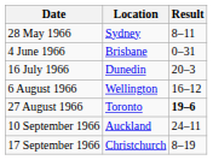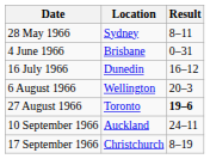 <table class="wikitable" style="align:center;">
 <tr>
 <th>Date</th>
 <th>Location</th>
 <th>Result</th>
 </tr>
 <tr>
 <td>28 May 1966</td>
 <td><a href='#'>Sydney</a></td>
 <td> 8–11 </td>
 </tr>
 <tr>
 <td>4 June 1966</td>
 <td><a href='#'>Brisbane</a></td>
 <td> 0–31 </td>
 </tr>
 <tr>
 <td>16 July 1966</td>
 <td><a href='#'>Dunedin</a></td>
-<td> 20–3 </td>
+<td> 16–12 </td>
 </tr>
 <tr>
 <td>6 August 1966</td>
 <td><a href='#'>Wellington</a></td>
-<td> 16–12 </td>
+<td> 20–3 </td>
 </tr>
 <tr>
 <td>27 August 1966</td>
 <td><a href='#'>Toronto</a></td>
 <td><strong> 19–6 </strong></td>
 </tr>
 <tr>
 <td>10 September 1966</td>
 <td><a href='#'>Auckland</a></td>
 <td> 24–11 </td>
 </tr>
 <tr>
 <td>17 September 1966</td>
 <td><a href='#'>Christchurch</a></td>
 <td> 8–19 </td>
 </tr>
 </table>
